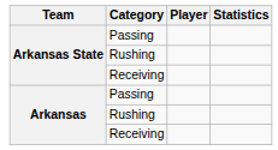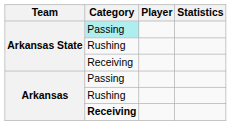 <table class="wikitable" style="float:right">
 <tr>
 <th>Team</th>
 <th>Category</th>
 <th>Player</th>
 <th>Statistics</th>
 </tr>
 <tr>
 <th rowspan=3>Arkansas State</th>
-<td>Passing</td>
+<td style="background: paleturquoise;">Passing</td>
 <td></td>
 <td></td>
 </tr>
 <tr>
 <td>Rushing</td>
 <td></td>
 <td></td>
 </tr>
 <tr>
 <td>Receiving</td>
 <td></td>
 <td></td>
 </tr>
 <tr>
 <th rowspan=3>Arkansas</th>
 <td>Passing</td>
 <td></td>
 <td></td>
 </tr>
 <tr>
 <td>Rushing</td>
 <td></td>
 <td></td>
 </tr>
 <tr>
-<td>Receiving</td>
+<td><strong>Receiving</strong></td>
 <td></td>
 <td></td>
 </tr>
 </table>
